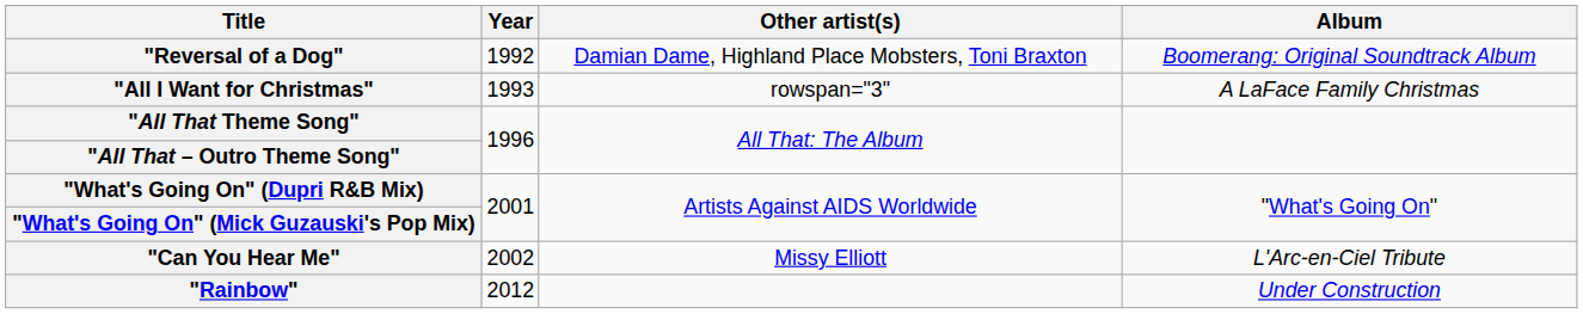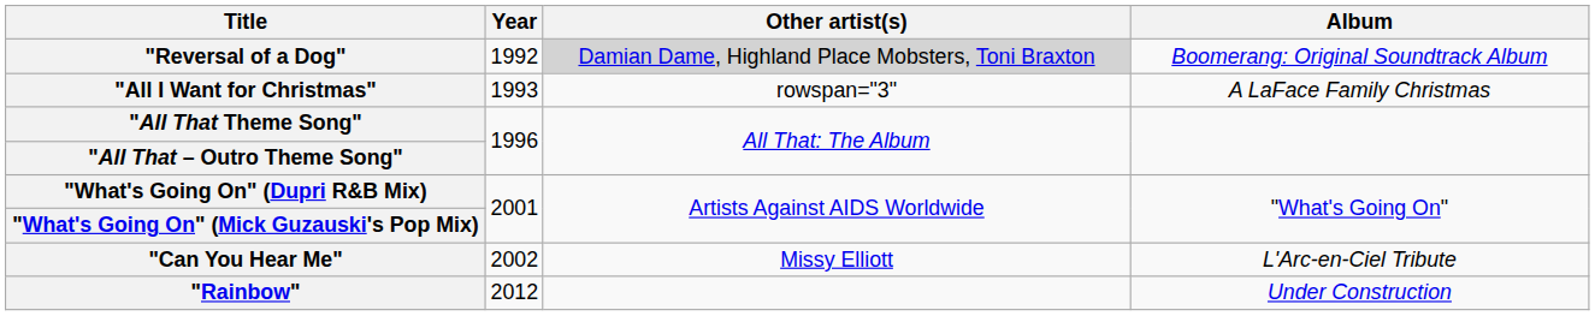 <table class="wikitable plainrowheaders" style="text-align:center;">
 <tr>
 <th scope="col" style="width:22em;">Title</th>
 <th scope="col" style="width:1em;">Year</th>
 <th scope="col" style="width:27em;">Other artist(s)</th>
 <th scope="col" style="width:21em;">Album</th>
 </tr>
 <tr>
 <th scope="row">"Reversal of a Dog"</th>
 <td>1992</td>
-<td><a href='#'>Damian Dame</a>, Highland Place Mobsters, <a href='#'>Toni Braxton</a></td>
+<td style="background: lightgrey;"><a href='#'>Damian Dame</a>, Highland Place Mobsters, <a href='#'>Toni Braxton</a></td>
 <td><em><a href='#'>Boomerang: Original Soundtrack Album</a></em></td>
 </tr>
 <tr>
 <th scope="row">"All I Want for Christmas"</th>
 <td>1993</td>
 <td>rowspan="3" </td>
 <td><em>A LaFace Family Christmas</em></td>
 </tr>
 <tr>
 <th scope="row">"<em>All That</em> Theme Song"</th>
 <td rowspan="2">1996</td>
 <td rowspan="2"><em><a href='#'>All That: The Album</a></em></td>
 </tr>
 <tr>
 <th scope="row">"<em>All That</em> – Outro Theme Song"</th>
 </tr>
 <tr>
 <th scope="row">"What's Going On" (<a href='#'>Dupri</a> R&B Mix)</th>
 <td rowspan="2">2001</td>
 <td rowspan="2"><a href='#'>Artists Against AIDS Worldwide</a></td>
 <td rowspan="2">"<a href='#'>What's Going On</a>" </td>
 </tr>
 <tr>
 <th scope="row">"<a href='#'>What's Going On</a>" (<a href='#'>Mick Guzauski</a>'s Pop Mix)</th>
 </tr>
 <tr>
 <th scope="row">"Can You Hear Me"</th>
 <td>2002</td>
 <td><a href='#'>Missy Elliott</a></td>
 <td><em>L'Arc-en-Ciel Tribute</em></td>
 </tr>
 <tr>
 <th scope="row">"<a href='#'>Rainbow</a>"</th>
 <td>2012</td>
 <td></td>
 <td><em><a href='#'>Under Construction</a></em></td>
 </tr>
 </table>
